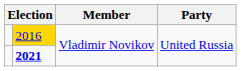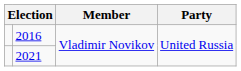 <table class="wikitable">
 <tr>
 <th colspan="2">Election</th>
 <th>Member</th>
 <th>Party</th>
 </tr>
 <tr>
 <td style="background-color: "></td>
-<td style="background: gold;"><a href='#'>2016</a></td>
+<td><a href='#'>2016</a></td>
 <td rowspan=2><a href='#'>Vladimir Novikov</a></td>
 <td rowspan=2><a href='#'>United Russia</a></td>
 </tr>
 <tr>
 <td style="background-color: "></td>
-<td><strong><a href='#'>2021</a></strong></td>
+<td><a href='#'>2021</a></td>
 </tr>
 </table>
